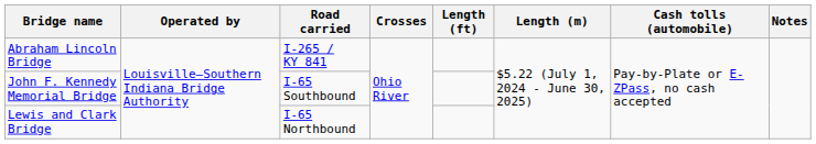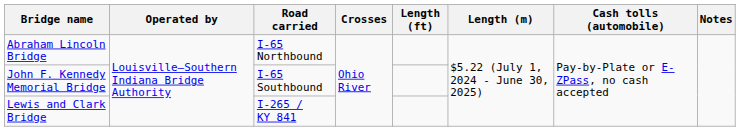 <table class=wikitable>
 <tr>
 <th scope=col>Bridge name</th>
 <th scope=col>Operated by</th>
 <th scope=col>Road carried</th>
 <th scope=col>Crosses</th>
 <th scope=col>Length (ft)</th>
 <th scope=col>Length (m)</th>
 <th scope=col>Cash tolls (automobile)</th>
 <th scope=col>Notes</th>
 </tr>
 <tr>
 <td><a href='#'>Abraham Lincoln Bridge</a></td>
 <td rowspan="3"><a href='#'>Louisville–Southern Indiana Bridge Authority</a></td>
-<td><a href='#'>I-265 / KY 841</a></td>
+<td><a href='#'>I-65</a> Northbound</td>
 <td rowspan="3"><a href='#'>Ohio River</a></td>
 <td></td>
 <td rowspan="3">$5.22 (July 1, 2024 - June 30, 2025)</td>
 <td rowspan="3">Pay-by-Plate or <a href='#'>E-ZPass</a>, no cash accepted</td>
 </tr>
 <tr>
 <td><a href='#'>John F. Kennedy Memorial Bridge</a></td>
 <td><a href='#'>I-65</a> Southbound</td>
 <td></td>
 </tr>
 <tr>
 <td><a href='#'>Lewis and Clark Bridge</a></td>
-<td><a href='#'>I-65</a> Northbound</td>
+<td><a href='#'>I-265 / KY 841</a></td>
 <td></td>
 </tr>
 </table>
